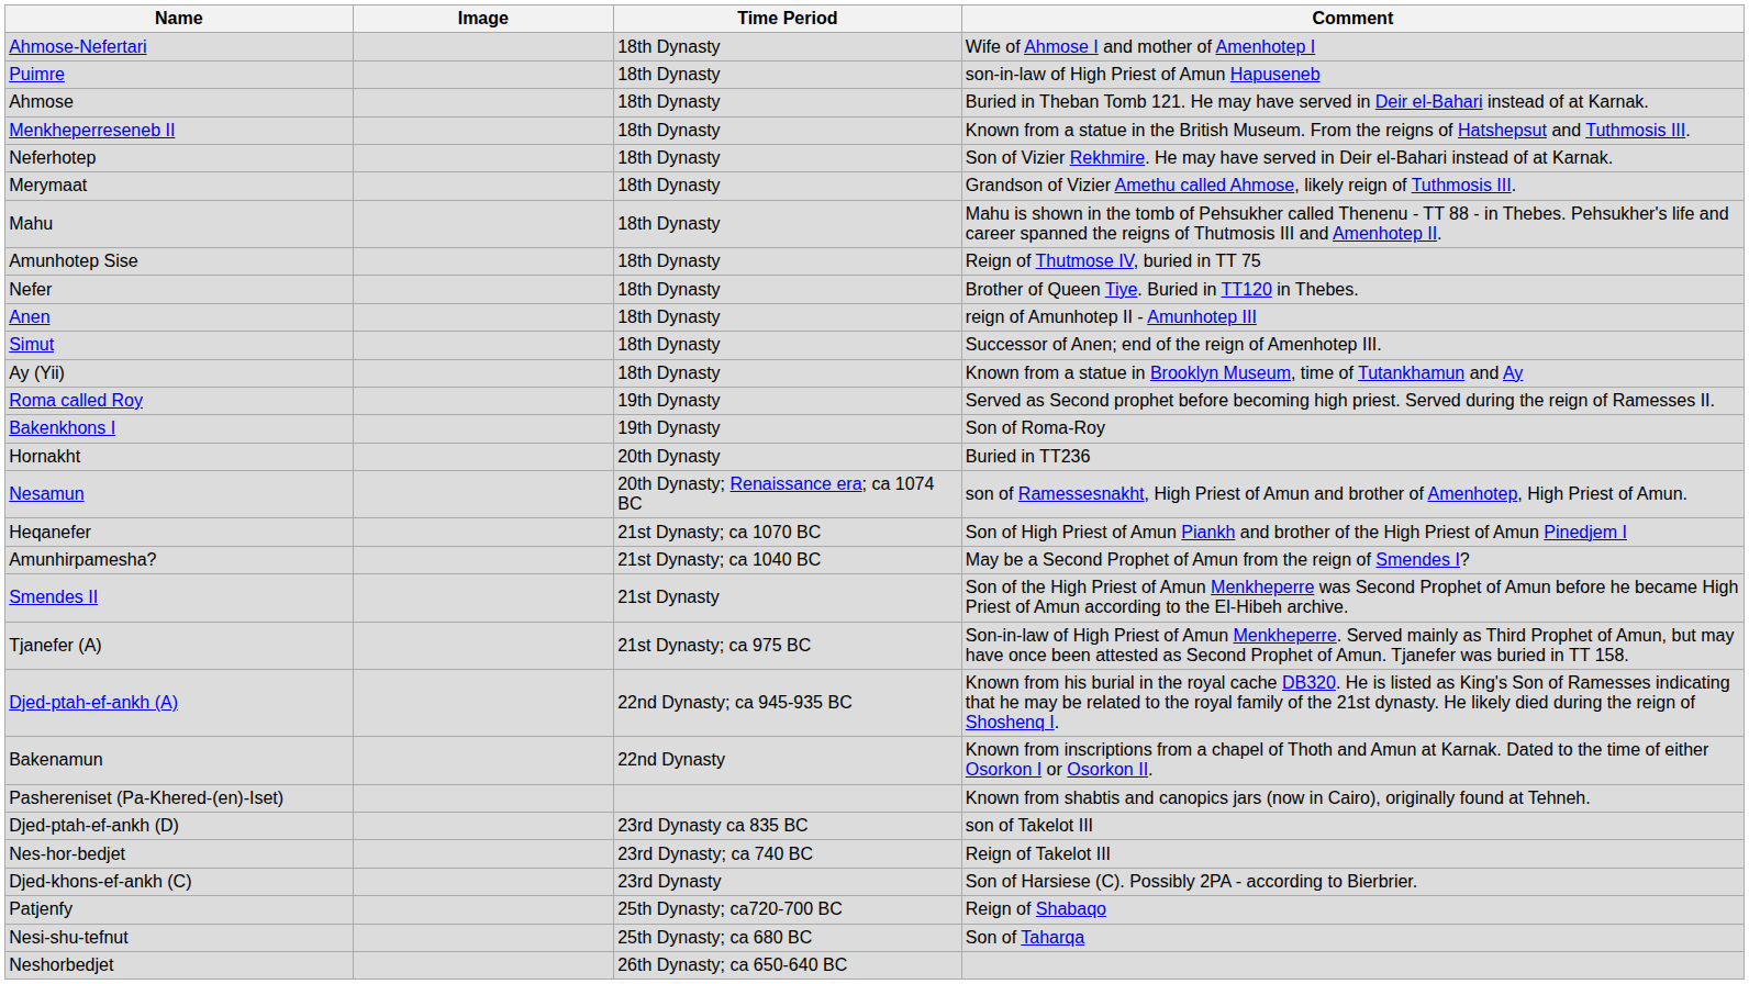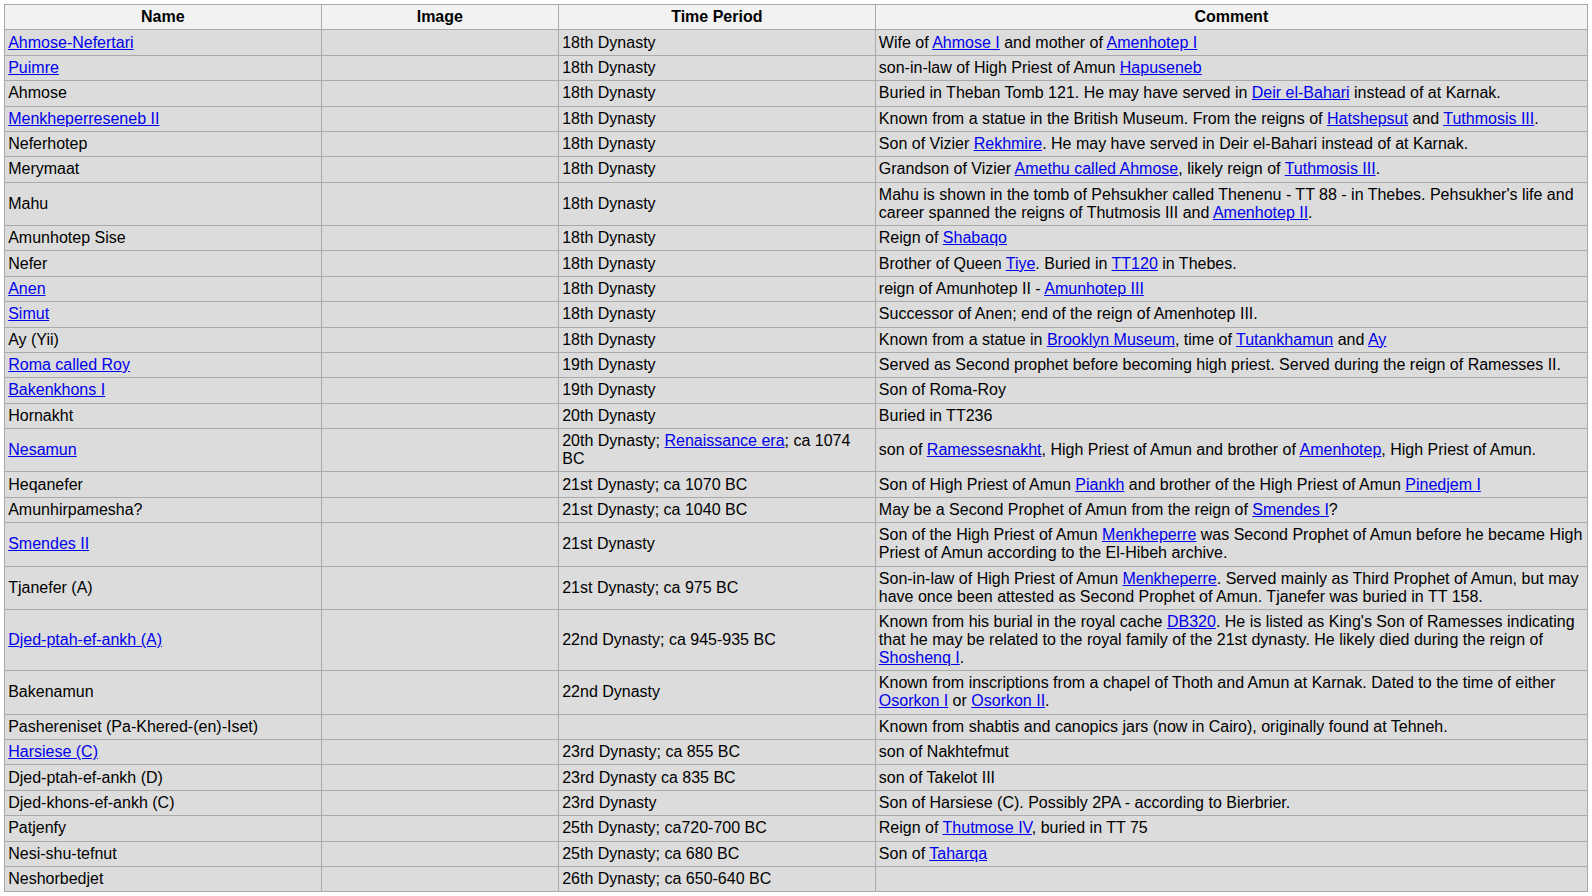 <table class="wikitable" style="width: 100%;">
 <tr>
 <th width="20%">Name</th>
 <th width="15%">Image</th>
 <th width="20%">Time Period</th>
 <th width="45%">Comment</th>
 </tr>
 <tr style="background-color:#DCDCDC;">
 <td><a href='#'>Ahmose-Nefertari</a></td>
 <td></td>
 <td>18th Dynasty</td>
 <td>Wife of <a href='#'>Ahmose I</a> and mother of <a href='#'>Amenhotep I</a></td>
 </tr>
 <tr style="background-color:#DCDCDC;">
 <td><a href='#'>Puimre</a></td>
 <td></td>
 <td>18th Dynasty</td>
 <td>son-in-law of High Priest of Amun <a href='#'>Hapuseneb</a></td>
 </tr>
 <tr style="background-color:#DCDCDC;">
 <td>Ahmose</td>
 <td></td>
 <td>18th Dynasty</td>
 <td>Buried in Theban Tomb 121. He may have served in <a href='#'>Deir el-Bahari</a> instead of at Karnak.</td>
 </tr>
 <tr style="background-color:#DCDCDC;">
 <td><a href='#'>Menkheperreseneb II</a></td>
 <td></td>
 <td>18th Dynasty</td>
 <td>Known from a statue in the British Museum. From the reigns of <a href='#'>Hatshepsut</a> and <a href='#'>Tuthmosis III</a>.</td>
 </tr>
 <tr style="background-color:#DCDCDC;">
 <td>Neferhotep </td>
 <td></td>
 <td>18th Dynasty</td>
 <td>Son of Vizier <a href='#'>Rekhmire</a>. He may have served in Deir el-Bahari instead of at Karnak.</td>
 </tr>
 <tr style="background-color:#DCDCDC;">
 <td>Merymaat </td>
 <td></td>
 <td>18th Dynasty</td>
 <td>Grandson of Vizier <a href='#'>Amethu called Ahmose</a>, likely reign of <a href='#'>Tuthmosis III</a>.</td>
 </tr>
 <tr style="background-color:#DCDCDC;">
 <td>Mahu</td>
 <td></td>
 <td>18th Dynasty</td>
 <td>Mahu is shown in the tomb of Pehsukher called Thenenu - TT 88 - in Thebes. Pehsukher's life and career spanned the reigns of Thutmosis III and <a href='#'>Amenhotep II</a>.</td>
 </tr>
 <tr style="background-color:#DCDCDC;">
 <td>Amunhotep Sise</td>
 <td></td>
 <td>18th Dynasty</td>
-<td>Reign of <a href='#'>Thutmose IV</a>, buried in TT 75</td>
+<td>Reign of <a href='#'>Shabaqo</a></td>
 </tr>
 <tr style="background-color:#DCDCDC;">
 <td>Nefer</td>
 <td></td>
 <td>18th Dynasty</td>
 <td>Brother of Queen <a href='#'>Tiye</a>. Buried in <a href='#'>TT120</a> in Thebes.</td>
 </tr>
 <tr style="background-color:#DCDCDC;">
 <td><a href='#'>Anen</a></td>
 <td></td>
 <td>18th Dynasty</td>
 <td>reign of Amunhotep II - <a href='#'>Amunhotep III</a></td>
 </tr>
 <tr style="background-color:#DCDCDC;">
 <td><a href='#'>Simut</a></td>
 <td></td>
 <td>18th Dynasty</td>
 <td>Successor of Anen; end of the reign of Amenhotep III.</td>
 </tr>
 <tr style="background-color:#DCDCDC;">
 <td>Ay (Yii)</td>
 <td></td>
 <td>18th Dynasty</td>
 <td>Known from a statue in <a href='#'>Brooklyn Museum</a>, time of <a href='#'>Tutankhamun</a> and <a href='#'>Ay</a></td>
 </tr>
 <tr style="background-color:#DCDCDC;">
 <td><a href='#'>Roma called Roy</a></td>
 <td></td>
 <td>19th Dynasty</td>
 <td>Served as Second prophet before becoming high priest. Served during the reign of Ramesses II.</td>
 </tr>
 <tr style="background-color:#DCDCDC;">
 <td><a href='#'>Bakenkhons I</a></td>
 <td></td>
 <td>19th Dynasty</td>
 <td>Son of Roma-Roy</td>
 </tr>
 <tr style="background-color:#DCDCDC;">
 <td>Hornakht</td>
 <td></td>
 <td>20th Dynasty</td>
 <td>Buried in  TT236</td>
 </tr>
 <tr style="background-color:#DCDCDC;">
 <td><a href='#'>Nesamun</a></td>
 <td></td>
 <td>20th Dynasty; <a href='#'>Renaissance era</a>; ca 1074 BC </td>
 <td>son of <a href='#'>Ramessesnakht</a>, High Priest of Amun and brother of <a href='#'>Amenhotep</a>, High Priest of Amun.</td>
 </tr>
 <tr style="background-color:#DCDCDC;">
 <td>Heqanefer </td>
 <td></td>
 <td>21st Dynasty; ca 1070 BC </td>
 <td>Son of High Priest of Amun <a href='#'>Piankh</a> and brother of the High Priest of Amun <a href='#'>Pinedjem I</a></td>
 </tr>
 <tr style="background-color:#DCDCDC;">
 <td>Amunhirpamesha?</td>
 <td></td>
 <td>21st Dynasty; ca 1040 BC </td>
 <td>May be a Second Prophet of Amun from the reign of <a href='#'>Smendes I</a>? </td>
 </tr>
 <tr style="background-color:#DCDCDC;">
 <td><a href='#'>Smendes II</a></td>
 <td></td>
 <td>21st Dynasty</td>
 <td>Son of the High Priest of Amun <a href='#'>Menkheperre</a> was Second Prophet of Amun before he became High Priest of Amun according to the El-Hibeh archive.</td>
 </tr>
 <tr style="background-color:#DCDCDC;">
 <td>Tjanefer (A)</td>
 <td></td>
 <td>21st Dynasty; ca 975 BC</td>
 <td>Son-in-law of High Priest of Amun <a href='#'>Menkheperre</a>. Served mainly as Third Prophet of Amun, but may have once been attested as Second Prophet of Amun. Tjanefer was buried in TT 158.</td>
 </tr>
 <tr style="background-color:#DCDCDC;">
 <td><a href='#'>Djed-ptah-ef-ankh (A)</a></td>
 <td></td>
 <td>22nd Dynasty; ca 945-935 BC</td>
 <td>Known from his burial in the royal cache <a href='#'>DB320</a>. He is listed as King's Son of Ramesses indicating that he may be related to the royal family of the 21st dynasty. He likely died during the reign of <a href='#'>Shoshenq I</a>.</td>
 </tr>
 <tr style="background-color:#DCDCDC;">
 <td>Bakenamun</td>
 <td></td>
 <td>22nd Dynasty</td>
 <td>Known from inscriptions from a chapel of Thoth and Amun at Karnak. Dated to the time of either <a href='#'>Osorkon I</a> or <a href='#'>Osorkon II</a>.</td>
 </tr>
 <tr style="background-color:#DCDCDC;">
 <td>Pashereniset (Pa-Khered-(en)-Iset)</td>
 <td></td>
 <td></td>
 <td>Known from shabtis and canopics jars (now in Cairo), originally found at Tehneh.</td>
 </tr>
 <tr style="background-color:#DCDCDC;">
+<td><a href='#'>Harsiese (C)</a></td>
+<td></td>
+<td>23rd Dynasty; ca 855 BC </td>
+<td>son of Nakhtefmut </td>
+</tr>
+<tr style="background-color:#DCDCDC;">
 <td>Djed-ptah-ef-ankh (D)</td>
 <td></td>
 <td>23rd Dynasty ca 835 BC </td>
 <td>son of Takelot III </td>
-</tr>
-<tr style="background-color:#DCDCDC;">
-<td>Nes-hor-bedjet</td>
-<td></td>
-<td>23rd Dynasty; ca 740 BC</td>
-<td>Reign of Takelot III</td>
 </tr>
 <tr style="background-color:#DCDCDC;">
 <td>Djed-khons-ef-ankh (C)</td>
 <td></td>
 <td>23rd Dynasty</td>
 <td>Son of Harsiese (C). Possibly 2PA - according to Bierbrier.</td>
 </tr>
 <tr style="background-color:#DCDCDC;">
 <td>Patjenfy</td>
 <td></td>
 <td>25th Dynasty; ca720-700 BC</td>
-<td>Reign of <a href='#'>Shabaqo</a></td>
+<td>Reign of <a href='#'>Thutmose IV</a>, buried in TT 75</td>
 </tr>
 <tr style="background-color:#DCDCDC;">
 <td>Nesi-shu-tefnut</td>
 <td></td>
 <td>25th Dynasty; ca 680 BC</td>
 <td>Son of <a href='#'>Taharqa</a></td>
 </tr>
 <tr style="background-color:#DCDCDC;">
 <td>Neshorbedjet</td>
 <td></td>
 <td>26th Dynasty; ca 650-640 BC</td>
 <td></td>
 </tr>
 <tr style="background-color:#DCDCDC;">
 </tr>
 </table>
